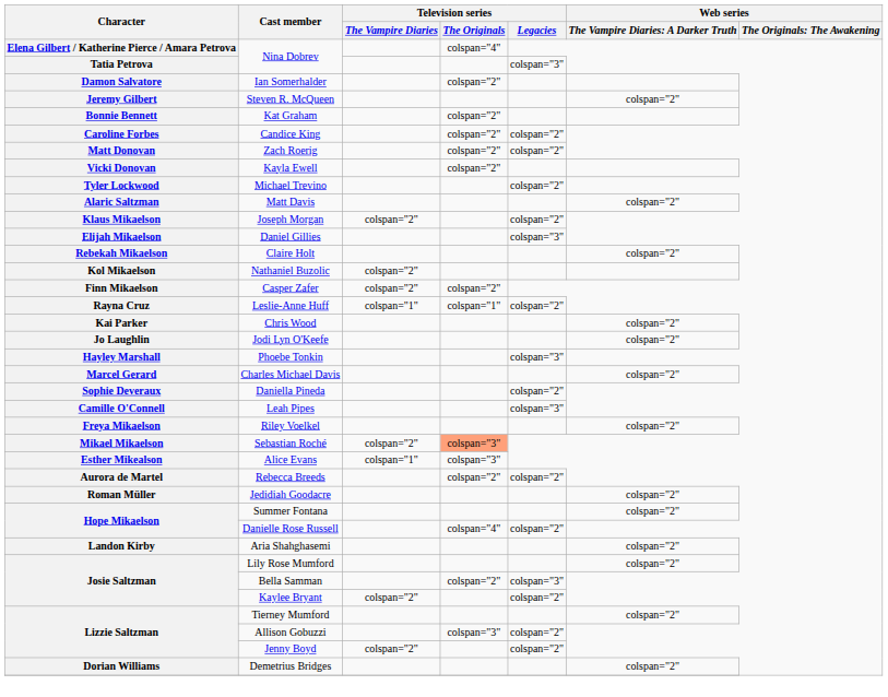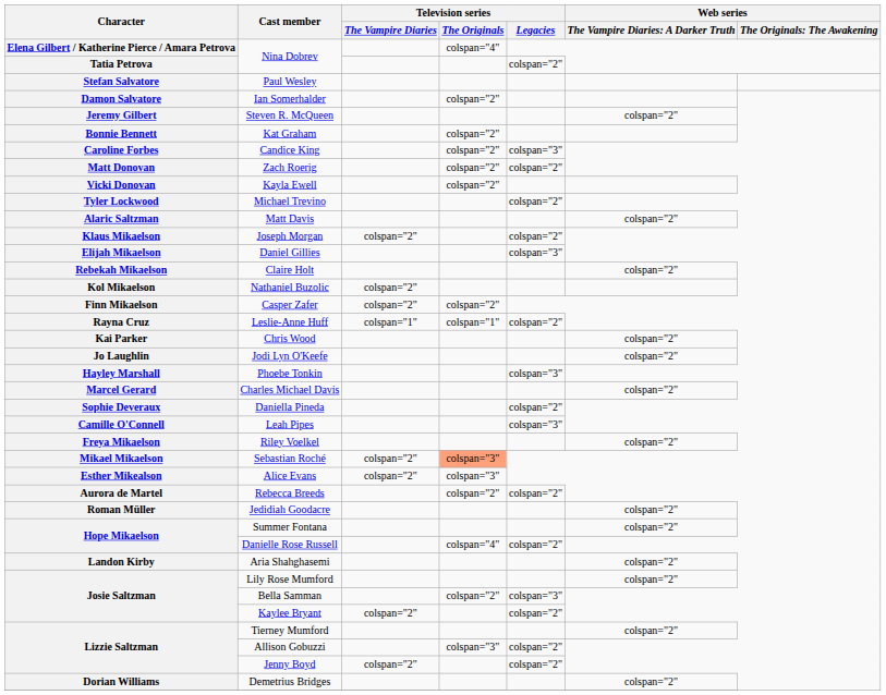 <table class="wikitable" style="text-align:center;">
 <tr>
 <th rowspan="2" scope="col">Character</th>
 <th rowspan="2" scope="col">Cast member</th>
 <th colspan="3" scope="col">Television series</th>
 <th colspan="2" scope="col">Web series</th>
 </tr>
 <tr>
 <th scope="col"><em><a href='#'>The Vampire Diaries</a></em></th>
 <th scope="col"><em><a href='#'>The Originals</a></em></th>
 <th scope="col"><em><a href='#'>Legacies</a></em></th>
 <th scope="col"><em>The Vampire Diaries: A Darker Truth</em></th>
 <th scope="col"><em>The Originals: The Awakening</em></th>
 </tr>
 <tr>
 <th scope="row"><a href='#'>Elena Gilbert</a> / Katherine Pierce / Amara Petrova</th>
 <td rowspan="2"><a href='#'>Nina Dobrev</a></td>
 <td></td>
 <td>colspan="4" </td>
 </tr>
 <tr>
 <th scope="row">Tatia Petrova</th>
 <td></td>
 <td></td>
-<td>colspan="3" </td>
+<td>colspan="2" </td>
+</tr>
+<tr>
+<th><a href='#'>Stefan Salvatore</a></th>
+<td><a href='#'>Paul Wesley</a></td>
+<td></td>
+<td></td>
+<td></td>
+<td></td>
+<td></td>
 </tr>
 <tr>
 <th><a href='#'>Damon Salvatore</a></th>
 <td><a href='#'>Ian Somerhalder</a></td>
 <td></td>
 <td>colspan="2" </td>
 <td></td>
 <td></td>
 </tr>
 <tr>
 <th><a href='#'>Jeremy Gilbert</a></th>
 <td><a href='#'>Steven R. McQueen</a></td>
 <td></td>
 <td></td>
 <td></td>
 <td>colspan="2" </td>
 </tr>
 <tr>
 <th><a href='#'>Bonnie Bennett</a></th>
 <td><a href='#'>Kat Graham</a></td>
 <td></td>
 <td>colspan="2" </td>
 <td></td>
 <td></td>
 </tr>
 <tr>
 <th><a href='#'>Caroline Forbes</a></th>
 <td><a href='#'>Candice King</a></td>
 <td></td>
 <td>colspan="2" </td>
-<td>colspan="2" </td>
+<td>colspan="3" </td>
 </tr>
 <tr>
 <th><a href='#'>Matt Donovan</a></th>
 <td><a href='#'>Zach Roerig</a></td>
 <td></td>
 <td>colspan="2" </td>
 <td>colspan="2" </td>
 </tr>
 <tr>
 <th><a href='#'>Vicki Donovan</a></th>
 <td><a href='#'>Kayla Ewell</a></td>
 <td></td>
 <td>colspan="2" </td>
 <td></td>
 <td></td>
 </tr>
 <tr>
 <th><a href='#'>Tyler Lockwood</a></th>
 <td><a href='#'>Michael Trevino</a></td>
 <td></td>
 <td></td>
 <td>colspan="2" </td>
 </tr>
 <tr>
 <th><a href='#'>Alaric Saltzman</a></th>
 <td><a href='#'>Matt Davis</a></td>
 <td></td>
 <td></td>
 <td></td>
 <td>colspan="2" </td>
 </tr>
 <tr>
 <th><a href='#'>Klaus Mikaelson</a></th>
 <td><a href='#'>Joseph Morgan</a></td>
 <td>colspan="2" </td>
 <td></td>
 <td>colspan="2" </td>
 </tr>
 <tr>
 <th><a href='#'>Elijah Mikaelson</a></th>
 <td><a href='#'>Daniel Gillies</a></td>
 <td></td>
 <td></td>
 <td>colspan="3" </td>
 </tr>
 <tr>
 <th><a href='#'>Rebekah Mikaelson</a></th>
 <td><a href='#'>Claire Holt</a></td>
 <td></td>
 <td></td>
 <td></td>
 <td>colspan="2" </td>
 </tr>
 <tr>
 <th>Kol Mikaelson</th>
 <td><a href='#'>Nathaniel Buzolic</a></td>
 <td>colspan="2" </td>
 <td></td>
 <td></td>
 <td></td>
 </tr>
 <tr>
 <th>Finn Mikaelson</th>
 <td><a href='#'>Casper Zafer</a></td>
 <td>colspan="2" </td>
 <td>colspan="2" </td>
 </tr>
 <tr>
 <th>Rayna Cruz</th>
 <td><a href='#'>Leslie-Anne Huff</a></td>
 <td>colspan="1" </td>
 <td>colspan="1" </td>
 <td>colspan="2" </td>
 </tr>
 <tr>
 <th>Kai Parker</th>
 <td><a href='#'>Chris Wood</a></td>
 <td></td>
 <td></td>
 <td></td>
 <td>colspan="2" </td>
 </tr>
 <tr>
 <th>Jo Laughlin</th>
 <td><a href='#'>Jodi Lyn O'Keefe</a></td>
 <td></td>
 <td></td>
 <td></td>
 <td>colspan="2" </td>
 </tr>
 <tr>
 <th><a href='#'>Hayley Marshall</a></th>
 <td><a href='#'>Phoebe Tonkin</a></td>
 <td></td>
 <td></td>
 <td>colspan="3" </td>
 </tr>
 <tr>
 <th><a href='#'>Marcel Gerard</a></th>
 <td><a href='#'>Charles Michael Davis</a></td>
 <td></td>
 <td></td>
 <td></td>
 <td>colspan="2" </td>
 </tr>
 <tr>
 <th><a href='#'>Sophie Deveraux</a></th>
 <td><a href='#'>Daniella Pineda</a></td>
 <td></td>
 <td></td>
 <td>colspan="2" </td>
 </tr>
 <tr>
 <th><a href='#'>Camille O'Connell</a></th>
 <td><a href='#'>Leah Pipes</a></td>
 <td></td>
 <td></td>
 <td>colspan="3" </td>
 </tr>
 <tr>
 <th><a href='#'>Freya Mikaelson</a></th>
 <td><a href='#'>Riley Voelkel</a></td>
 <td></td>
 <td></td>
 <td></td>
 <td>colspan="2" </td>
 </tr>
 <tr>
 <th><a href='#'>Mikael Mikaelson</a></th>
 <td><a href='#'>Sebastian Roché</a></td>
 <td>colspan="2" </td>
 <td style="background: lightsalmon;">colspan="3" </td>
 </tr>
 <tr>
 <th><a href='#'>Esther Mikealson</a></th>
 <td><a href='#'>Alice Evans</a></td>
-<td>colspan="1" </td>
+<td>colspan="2" </td>
 <td>colspan="3" </td>
 </tr>
 <tr>
 <th>Aurora de Martel</th>
 <td><a href='#'>Rebecca Breeds</a></td>
 <td></td>
 <td>colspan="2" </td>
 <td>colspan="2" </td>
 </tr>
 <tr>
 <th>Roman Müller</th>
 <td><a href='#'>Jedidiah Goodacre</a></td>
 <td></td>
 <td></td>
 <td></td>
 <td>colspan="2" </td>
 </tr>
 <tr>
 <th rowspan="2"><a href='#'>Hope Mikaelson</a></th>
 <td scope="row">Summer Fontana</td>
 <td></td>
 <td></td>
 <td></td>
 <td>colspan="2" </td>
 </tr>
 <tr>
 <td scope="row"><a href='#'>Danielle Rose Russell</a></td>
 <td></td>
 <td>colspan="4" </td>
 <td>colspan="2" </td>
 </tr>
 <tr>
 <th>Landon Kirby</th>
 <td>Aria Shahghasemi</td>
 <td></td>
 <td></td>
 <td></td>
 <td>colspan="2" </td>
 </tr>
 <tr>
 <th rowspan="3">Josie Saltzman</th>
 <td scope="row">Lily Rose Mumford</td>
 <td></td>
 <td></td>
 <td></td>
 <td>colspan="2" </td>
 </tr>
 <tr>
 <td scope="row">Bella Samman</td>
 <td></td>
 <td>colspan="2" </td>
 <td>colspan="3" </td>
 </tr>
 <tr>
 <td scope="row"><a href='#'>Kaylee Bryant</a></td>
 <td>colspan="2" </td>
 <td></td>
 <td>colspan="2" </td>
 </tr>
 <tr>
 <th rowspan="3">Lizzie Saltzman</th>
 <td scope="row">Tierney Mumford</td>
 <td></td>
 <td></td>
 <td></td>
 <td>colspan="2" </td>
 </tr>
 <tr>
 <td scope="row">Allison Gobuzzi</td>
 <td></td>
 <td>colspan="3" </td>
 <td>colspan="2" </td>
 </tr>
 <tr>
 <td scope="row"><a href='#'>Jenny Boyd</a></td>
 <td>colspan="2" </td>
 <td></td>
 <td>colspan="2" </td>
 </tr>
 <tr>
 <th>Dorian Williams</th>
 <td>Demetrius Bridges</td>
 <td></td>
 <td></td>
 <td></td>
 <td>colspan="2" </td>
 </tr>
 <tr>
 </tr>
 </table>
